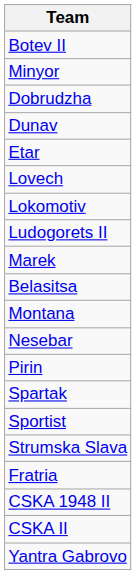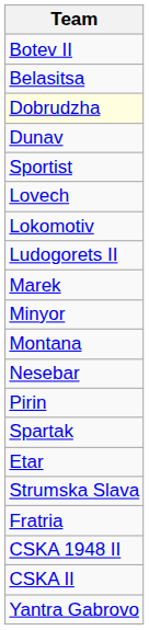 <table class="wikitable" style="text-align: left;">
 <tr>
 <th>Team</th>
 </tr>
 <tr>
 <td><a href='#'>Botev II</a></td>
 </tr>
 <tr>
-<td><a href='#'>Minyor</a></td>
+<td><a href='#'>Belasitsa</a></td>
 </tr>
 <tr>
-<td><a href='#'>Dobrudzha</a></td>
+<td style="background: lightyellow;"><a href='#'>Dobrudzha</a></td>
 </tr>
 <tr>
 <td><a href='#'>Dunav</a></td>
 </tr>
 <tr>
-<td><a href='#'>Etar</a></td>
+<td><a href='#'>Sportist</a></td>
 </tr>
 <tr>
 <td><a href='#'>Lovech</a></td>
 </tr>
 <tr>
 <td><a href='#'>Lokomotiv</a></td>
 </tr>
 <tr>
 <td><a href='#'>Ludogorets II</a></td>
 </tr>
 <tr>
 <td><a href='#'>Marek</a></td>
 </tr>
 <tr>
-<td><a href='#'>Belasitsa</a></td>
+<td><a href='#'>Minyor</a></td>
 </tr>
 <tr>
 <td><a href='#'>Montana</a></td>
 </tr>
 <tr>
 <td><a href='#'>Nesebar</a></td>
 </tr>
 <tr>
 <td><a href='#'>Pirin</a></td>
 </tr>
 <tr>
 <td><a href='#'>Spartak</a></td>
 </tr>
 <tr>
-<td><a href='#'>Sportist</a></td>
+<td><a href='#'>Etar</a></td>
 </tr>
 <tr>
 <td><a href='#'>Strumska Slava</a></td>
 </tr>
 <tr>
 <td><a href='#'>Fratria</a></td>
 </tr>
 <tr>
 <td><a href='#'>CSKA 1948 II</a></td>
 </tr>
 <tr>
 <td><a href='#'>CSKA II</a></td>
 </tr>
 <tr>
 <td><a href='#'>Yantra Gabrovo</a></td>
 </tr>
 </table>
